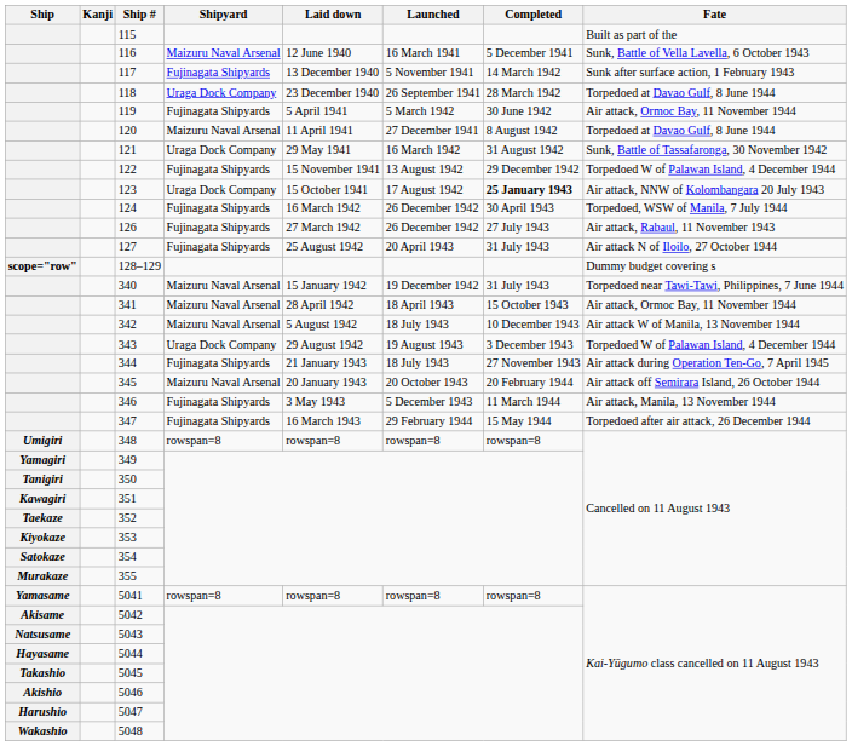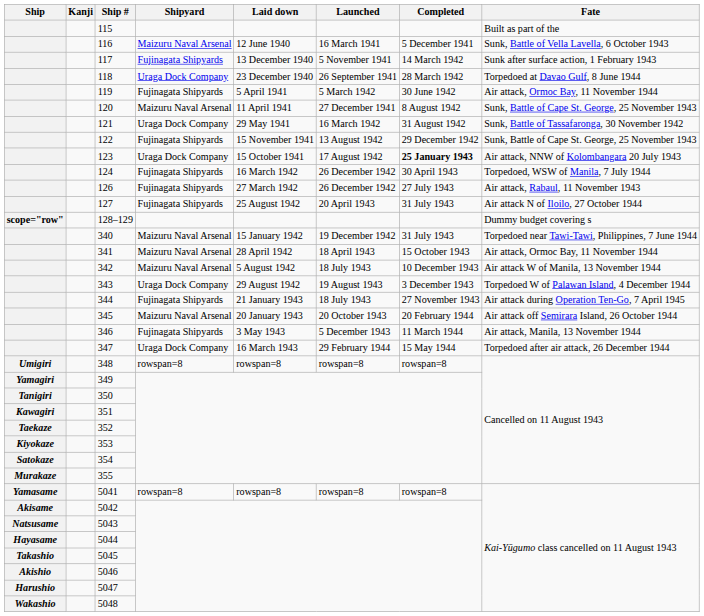 <table class="wikitable sortable plainrowheaders">
 <tr>
 <th scope="col">Ship</th>
 <th scope="col">Kanji</th>
 <th scope="col">Ship #</th>
 <th scope="col">Shipyard</th>
 <th scope="col">Laid down</th>
 <th scope="col">Launched</th>
 <th scope="col">Completed</th>
 <th scope="col">Fate</th>
 </tr>
 <tr>
 <th scope="row"></th>
 <td></td>
 <td>115</td>
 <td></td>
 <td></td>
 <td></td>
 <td></td>
 <td data-sort-value="31 December 1950">Built as part of the </td>
 </tr>
 <tr>
 <th scope="row"></th>
 <td></td>
 <td>116</td>
 <td><a href='#'>Maizuru Naval Arsenal</a></td>
 <td>12 June 1940</td>
 <td>16 March 1941</td>
 <td>5 December 1941</td>
 <td data-sort-value="6 October 1943">Sunk, <a href='#'>Battle of Vella Lavella</a>, 6 October 1943</td>
 </tr>
 <tr>
 <th scope="row"></th>
 <td></td>
 <td>117</td>
 <td><a href='#'>Fujinagata Shipyards</a></td>
 <td>13 December 1940</td>
 <td>5 November 1941</td>
 <td>14 March 1942</td>
 <td data-sort-value="1 February 1943">Sunk after surface action, 1 February 1943</td>
 </tr>
 <tr>
 <th scope="row"></th>
 <td></td>
 <td>118</td>
 <td><a href='#'>Uraga Dock Company</a></td>
 <td>23 December 1940</td>
 <td>26 September 1941</td>
 <td>28 March 1942</td>
 <td data-sort-value="8 June 1944">Torpedoed at <a href='#'>Davao Gulf</a>, 8 June 1944</td>
 </tr>
 <tr>
 <th scope="row"></th>
 <td></td>
 <td>119</td>
 <td>Fujinagata Shipyards</td>
 <td>5 April 1941</td>
 <td>5 March 1942</td>
 <td>30 June 1942</td>
 <td data-sort-value="11 November 1944">Air attack, <a href='#'>Ormoc Bay</a>, 11 November 1944</td>
 </tr>
 <tr>
 <th scope="row"></th>
 <td></td>
 <td>120</td>
 <td>Maizuru Naval Arsenal</td>
 <td>11 April 1941</td>
 <td>27 December 1941</td>
 <td>8 August 1942</td>
-<td data-sort-value="8 June 1944">Torpedoed at <a href='#'>Davao Gulf</a>, 8 June 1944</td>
+<td data-sort-value="25 November 1943">Sunk, <a href='#'>Battle of Cape St. George</a>, 25 November 1943</td>
 </tr>
 <tr>
 <th scope="row"></th>
 <td></td>
 <td>121</td>
 <td>Uraga Dock Company</td>
 <td>29 May 1941</td>
 <td>16 March 1942</td>
 <td>31 August 1942</td>
 <td data-sort-value="30 November 1942">Sunk, <a href='#'>Battle of Tassafaronga</a>, 30 November 1942</td>
 </tr>
 <tr>
 <th scope="row"></th>
 <td></td>
 <td>122</td>
 <td>Fujinagata Shipyards</td>
 <td>15 November 1941</td>
 <td>13 August 1942</td>
 <td>29 December 1942</td>
-<td data-sort-value="4 December 1944">Torpedoed W of <a href='#'>Palawan Island</a>, 4 December 1944</td>
+<td data-sort-value="25 November 1943">Sunk, Battle of Cape St. George, 25 November 1943</td>
 </tr>
 <tr>
 <th scope="row"></th>
 <td></td>
 <td>123</td>
 <td>Uraga Dock Company</td>
 <td>15 October 1941</td>
 <td>17 August 1942</td>
 <td><strong>25 January 1943</strong></td>
 <td data-sort-value="20 July 1943">Air attack, NNW of <a href='#'>Kolombangara</a> 20 July 1943</td>
 </tr>
 <tr>
 <th scope="row"></th>
 <td></td>
 <td>124</td>
 <td>Fujinagata Shipyards</td>
 <td>16 March 1942</td>
 <td>26 December 1942</td>
 <td>30 April 1943</td>
 <td data-sort-value="7 July 1944">Torpedoed, WSW of <a href='#'>Manila</a>, 7 July 1944</td>
 </tr>
 <tr>
 <th scope="row"></th>
 <td></td>
 <td>126</td>
 <td>Fujinagata Shipyards</td>
 <td>27 March 1942</td>
 <td>26 December 1942</td>
 <td>27 July 1943</td>
 <td data-sort-value="11 November 1943">Air attack, <a href='#'>Rabaul</a>, 11 November 1943</td>
 </tr>
 <tr>
 <th scope="row"></th>
 <td></td>
 <td>127</td>
 <td>Fujinagata Shipyards</td>
 <td>25 August 1942</td>
 <td>20 April 1943</td>
 <td>31 July 1943</td>
 <td data-sort-value="27 October 1944">Air attack N of <a href='#'>Iloilo</a>, 27 October 1944</td>
 </tr>
 <tr>
 <th>scope="row" </th>
 <td></td>
 <td>128–129</td>
 <td></td>
 <td></td>
 <td></td>
 <td></td>
 <td data-sort-value="31 December 1950">Dummy budget covering s</td>
 </tr>
 <tr>
 <th scope="row"></th>
 <td></td>
 <td>340</td>
 <td>Maizuru Naval Arsenal</td>
 <td>15 January 1942</td>
 <td>19 December 1942</td>
 <td>31 July 1943</td>
 <td data-sort-value="7 June 1944">Torpedoed near <a href='#'>Tawi-Tawi</a>, Philippines, 7 June 1944</td>
 </tr>
 <tr>
 <th scope="row"></th>
 <td></td>
 <td>341</td>
 <td>Maizuru Naval Arsenal</td>
 <td>28 April 1942</td>
 <td>18 April 1943</td>
 <td>15 October 1943</td>
 <td data-sort-value="11 November 1944">Air attack, Ormoc Bay, 11 November 1944</td>
 </tr>
 <tr>
 <th scope="row"></th>
 <td></td>
 <td>342</td>
 <td>Maizuru Naval Arsenal</td>
 <td>5 August 1942</td>
 <td>18 July 1943</td>
 <td>10 December 1943</td>
 <td data-sort-value="13 November 1943">Air attack W of Manila, 13 November 1944</td>
 </tr>
 <tr>
 <th scope="row"></th>
 <td></td>
 <td>343</td>
 <td>Uraga Dock Company</td>
 <td>29 August 1942</td>
 <td>19 August 1943</td>
 <td>3 December 1943</td>
 <td data-sort-value="4 December 1944">Torpedoed W of <a href='#'>Palawan Island</a>, 4 December 1944</td>
 </tr>
 <tr>
 <th scope="row"></th>
 <td></td>
 <td>344</td>
 <td>Fujinagata Shipyards</td>
 <td>21 January 1943</td>
 <td>18 July 1943</td>
 <td>27 November 1943</td>
 <td data-sort-value="7 April 1945">Air attack during <a href='#'>Operation Ten-Go</a>, 7 April 1945</td>
 </tr>
 <tr>
 <th scope="row"></th>
 <td></td>
 <td>345</td>
 <td>Maizuru Naval Arsenal</td>
 <td>20 January 1943</td>
 <td>20 October 1943</td>
 <td>20 February 1944</td>
 <td data-sort-value="26 October 1944">Air attack off <a href='#'>Semirara</a> Island, 26 October 1944</td>
 </tr>
 <tr>
 <th scope="row"></th>
 <td></td>
 <td>346</td>
 <td>Fujinagata Shipyards</td>
 <td>3 May 1943</td>
 <td>5 December 1943</td>
 <td>11 March 1944</td>
 <td data-sort-value="13 November 1944">Air attack, Manila, 13 November 1944</td>
 </tr>
 <tr>
 <th scope="row"></th>
 <td></td>
 <td>347</td>
-<td>Fujinagata Shipyards</td>
+<td>Uraga Dock Company</td>
 <td>16 March 1943</td>
 <td>29 February 1944</td>
 <td>15 May 1944</td>
 <td data-sort-value="26 December 1944">Torpedoed after air attack, 26 December 1944</td>
 </tr>
 <tr>
 <th scope="row"><em>Umigiri</em></th>
 <td></td>
 <td>348</td>
 <td>rowspan=8 </td>
 <td>rowspan=8 </td>
 <td>rowspan=8 </td>
 <td>rowspan=8 </td>
 <td rowspan=8 data-sort-value="31 December 1950">Cancelled on 11 August 1943</td>
 </tr>
 <tr>
 <th scope="row"><em>Yamagiri</em></th>
 <td></td>
 <td>349</td>
 </tr>
 <tr>
 <th scope="row"><em>Tanigiri</em></th>
 <td></td>
 <td>350</td>
 </tr>
 <tr>
 <th scope="row"><em>Kawagiri</em></th>
 <td></td>
 <td>351</td>
 </tr>
 <tr>
 <th scope="row"><em>Taekaze</em></th>
 <td></td>
 <td>352</td>
 </tr>
 <tr>
 <th scope="row"><em>Kiyokaze</em></th>
 <td></td>
 <td>353</td>
 </tr>
 <tr>
 <th scope="row"><em>Satokaze</em></th>
 <td></td>
 <td>354</td>
 </tr>
 <tr>
 <th scope="row"><em>Murakaze</em></th>
 <td></td>
 <td>355</td>
 </tr>
 <tr>
 <th scope="row"><em>Yamasame</em></th>
 <td></td>
 <td>5041</td>
 <td>rowspan=8 </td>
 <td>rowspan=8 </td>
 <td>rowspan=8 </td>
 <td>rowspan=8 </td>
 <td rowspan=8 data-sort-value="31 December 1950"><em>Kai-Yūgumo</em> class cancelled on 11 August 1943</td>
 </tr>
 <tr>
 <th scope="row"><em>Akisame</em></th>
 <td></td>
 <td>5042</td>
 </tr>
 <tr>
 <th scope="row"><em>Natsusame</em></th>
 <td></td>
 <td>5043</td>
 </tr>
 <tr>
 <th scope="row"><em>Hayasame</em></th>
 <td></td>
 <td>5044</td>
 </tr>
 <tr>
 <th scope="row"><em>Takashio</em></th>
 <td></td>
 <td>5045</td>
 </tr>
 <tr>
 <th scope="row"><em>Akishio</em></th>
 <td></td>
 <td>5046</td>
 </tr>
 <tr>
 <th scope="row"><em>Harushio</em></th>
 <td></td>
 <td>5047</td>
 </tr>
 <tr>
 <th scope="row"><em>Wakashio</em></th>
 <td></td>
 <td>5048</td>
 </tr>
 </table>
